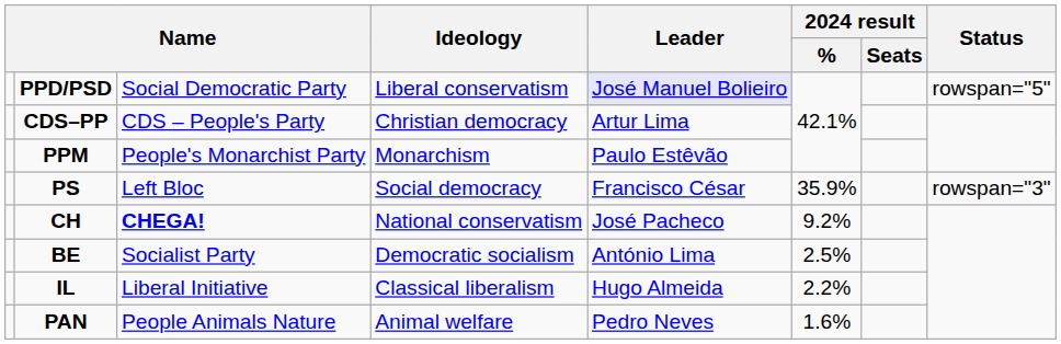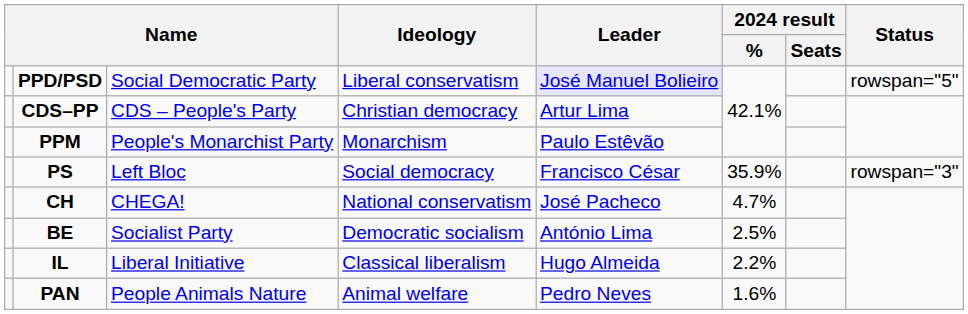 <table class="wikitable">
 <tr>
 <th colspan="3" rowspan="2">Name</th>
 <th rowspan="2">Ideology</th>
 <th rowspan="2">Leader</th>
 <th colspan="2">2024 result</th>
 <th width="80px" rowspan="2">Status</th>
 </tr>
 <tr>
 <th>%</th>
 <th>Seats</th>
 </tr>
 <tr>
 <td style="color:inherit;background:"></td>
 <td style="text-align:center;"><strong>PPD/PSD</strong></td>
 <td><a href='#'>Social Democratic Party</a><br></td>
 <td><a href='#'>Liberal conservatism</a></td>
 <td style="background: lavender;"><a href='#'>José Manuel Bolieiro</a></td>
 <td rowspan="3" style="text-align:center;">42.1%</td>
 <td></td>
 <td>rowspan="5" </td>
 </tr>
 <tr>
 <td style="color:inherit;background:"></td>
 <td style="text-align:center;"><strong>CDS–PP</strong></td>
 <td><a href='#'>CDS – People's Party</a><br></td>
 <td><a href='#'>Christian democracy</a></td>
 <td><a href='#'>Artur Lima</a></td>
 <td></td>
 </tr>
 <tr>
 <td style="color:inherit;background:"></td>
 <td style="text-align:center;"><strong>PPM</strong></td>
 <td><a href='#'>People's Monarchist Party</a><br></td>
 <td><a href='#'>Monarchism</a></td>
 <td><a href='#'>Paulo Estêvão</a></td>
 <td></td>
 </tr>
 <tr>
 <td style="color:inherit;background:"></td>
 <td style="text-align:center;"><strong>PS</strong></td>
 <td><a href='#'>Left Bloc</a><br></td>
 <td><a href='#'>Social democracy</a></td>
 <td><a href='#'>Francisco César</a></td>
 <td style="text-align:center;">35.9%</td>
 <td></td>
 <td>rowspan="3" </td>
 </tr>
 <tr>
 <td style="color:inherit;background:"></td>
 <td style="text-align:center;"><strong>CH</strong></td>
-<td><strong><a href='#'>CHEGA!</a><br></strong></td>
+<td><a href='#'>CHEGA!</a><br></td>
 <td><a href='#'>National conservatism</a></td>
 <td><a href='#'>José Pacheco</a></td>
-<td style="text-align:center;">9.2%</td>
+<td style="text-align:center;">4.7%</td>
 <td></td>
 </tr>
 <tr>
 <td style="color:inherit;background:"></td>
 <td style="text-align:center;"><strong>BE</strong></td>
 <td><a href='#'>Socialist Party</a><br></td>
 <td><a href='#'>Democratic socialism</a></td>
 <td><a href='#'>António Lima</a></td>
 <td style="text-align:center;">2.5%</td>
 <td></td>
 </tr>
 <tr>
 <td style="color:inherit;background:"></td>
 <td style="text-align:center;"><strong>IL</strong></td>
 <td><a href='#'>Liberal Initiative</a><br></td>
 <td><a href='#'>Classical liberalism</a></td>
 <td><a href='#'>Hugo Almeida</a></td>
 <td style="text-align:center;">2.2%</td>
 <td></td>
 </tr>
 <tr>
 <td style="color:inherit;background:"></td>
 <td style="text-align:center;"><strong>PAN</strong></td>
 <td><a href='#'>People Animals Nature</a><br></td>
 <td><a href='#'>Animal welfare</a></td>
 <td><a href='#'>Pedro Neves</a></td>
 <td style="text-align:center;">1.6%</td>
 <td></td>
 </tr>
 </table>
